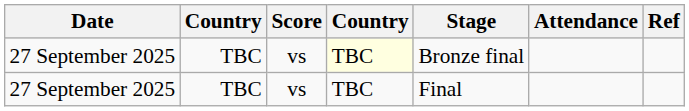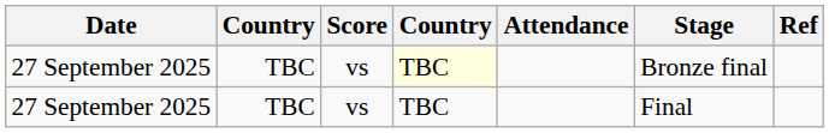 <table class="wikitable">
 <tr>
 <th scope=col>Date</th>
 <th scope=col>Country</th>
 <th scope=col>Score</th>
 <th scope=col>Country</th>
+<th scope=col>Attendance</th>
 <th scope=col>Stage</th>
-<th scope=col>Attendance</th>
 <th scope=col>Ref</th>
 </tr>
 <tr>
 <td>27 September 2025</td>
 <td align="right">TBC</td>
 <td align="center">vs</td>
 <td style="background: lightyellow;">TBC</td>
+<td></td>
 <td>Bronze final</td>
-<td></td>
 <td></td>
 </tr>
 <tr>
 <td>27 September 2025</td>
 <td align="right">TBC</td>
 <td align="center">vs</td>
 <td>TBC</td>
+<td></td>
 <td>Final</td>
-<td></td>
 <td></td>
 </tr>
 </table>
